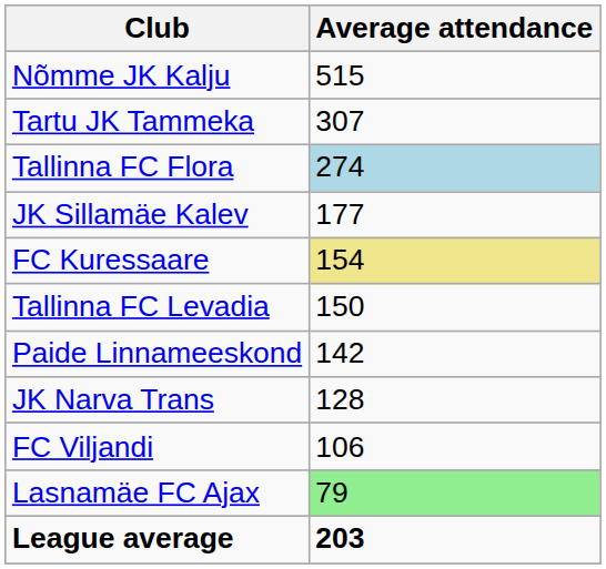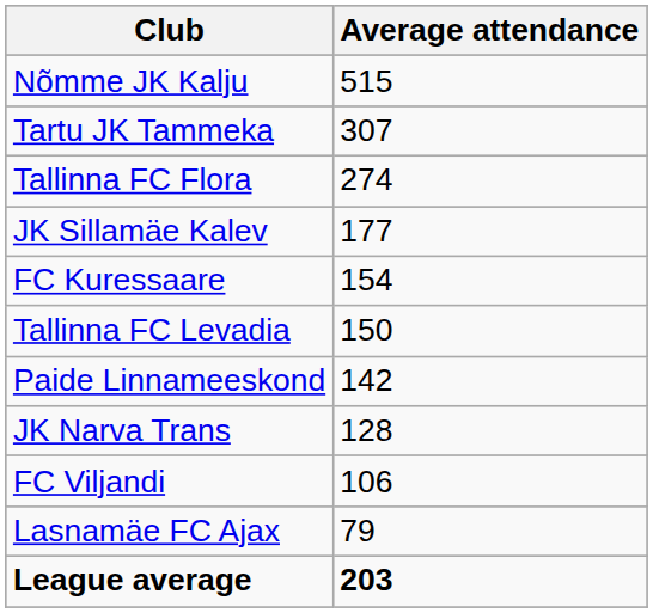 <table class="wikitable sortable">
 <tr>
 <th>Club</th>
 <th>Average attendance</th>
 </tr>
 <tr>
 <td><a href='#'>Nõmme JK Kalju</a></td>
 <td>515</td>
 </tr>
 <tr>
 <td><a href='#'>Tartu JK Tammeka</a></td>
 <td>307</td>
 </tr>
 <tr>
 <td><a href='#'>Tallinna FC Flora</a></td>
-<td style="background: lightblue;">274</td>
+<td>274</td>
 </tr>
 <tr>
 <td><a href='#'>JK Sillamäe Kalev</a></td>
 <td>177</td>
 </tr>
 <tr>
 <td><a href='#'>FC Kuressaare</a></td>
-<td style="background: khaki;">154</td>
+<td>154</td>
 </tr>
 <tr>
 <td><a href='#'>Tallinna FC Levadia</a></td>
 <td>150</td>
 </tr>
 <tr>
 <td><a href='#'>Paide Linnameeskond</a></td>
 <td>142</td>
 </tr>
 <tr>
 <td><a href='#'>JK Narva Trans</a></td>
 <td>128</td>
 </tr>
 <tr>
 <td><a href='#'>FC Viljandi</a></td>
 <td>106</td>
 </tr>
 <tr>
 <td><a href='#'>Lasnamäe FC Ajax</a></td>
-<td style="background: lightgreen;">79</td>
+<td>79</td>
 </tr>
 <tr>
 <td><strong>League average</strong></td>
 <td><strong>203</strong></td>
 </tr>
 </table>
